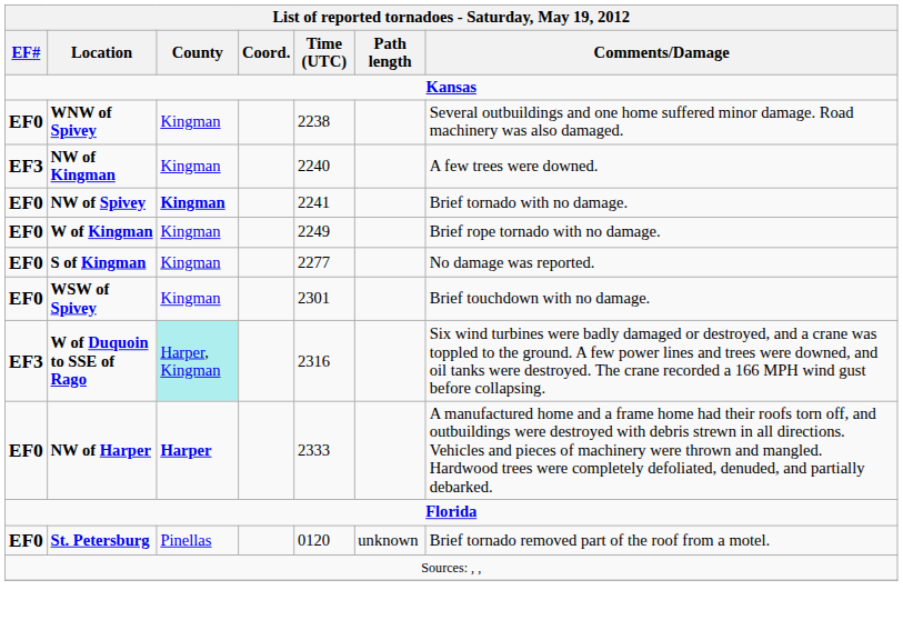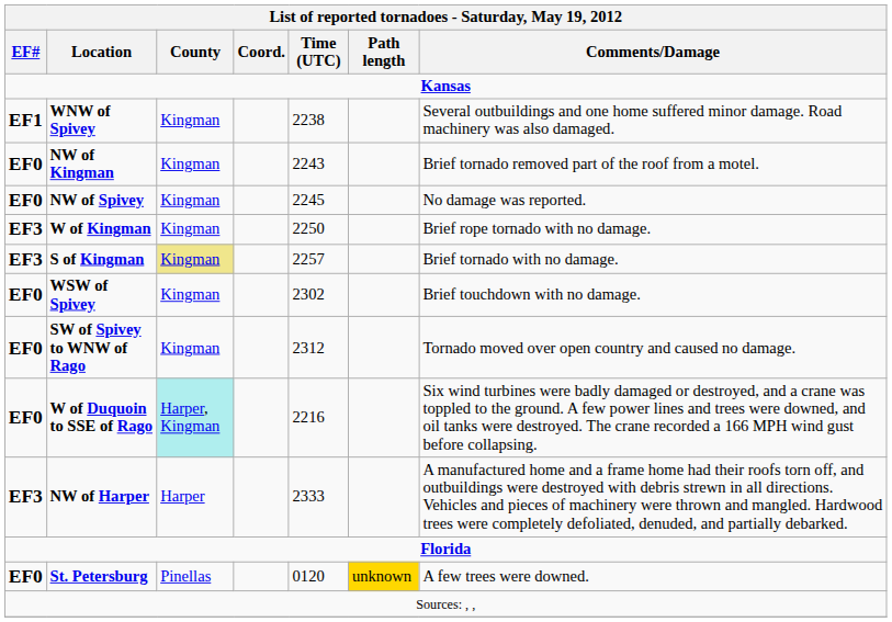 <table class="wikitable collapsible" width="100%">
 <tr>
 <th colspan="7">List of reported tornadoes - Saturday, May 19, 2012</th>
 </tr>
 <tr>
 <th><a href='#'>EF#</a></th>
 <th>Location</th>
 <th>County</th>
 <th>Coord.</th>
 <th>Time (UTC)</th>
 <th>Path length</th>
 <th>Comments/Damage</th>
 </tr>
 <tr>
 <td colspan="7" align=center><strong><a href='#'>Kansas</a></strong></td>
 </tr>
 <tr>
-<td><big><strong>EF0</strong></big></td>
+<td><big><strong>EF1</strong></big></td>
 <td><strong>WNW of <a href='#'>Spivey</a></strong></td>
 <td><a href='#'>Kingman</a></td>
 <td></td>
 <td>2238</td>
 <td></td>
 <td>Several outbuildings and one home suffered minor damage. Road machinery was also damaged.</td>
 </tr>
 <tr>
-<td><big><strong>EF3</strong></big></td>
+<td><big><strong>EF0</strong></big></td>
 <td><strong>NW of <a href='#'>Kingman</a></strong></td>
 <td><a href='#'>Kingman</a></td>
 <td></td>
-<td>2240</td>
+<td>2243</td>
 <td></td>
-<td>A few trees were downed.</td>
+<td>Brief tornado removed part of the roof from a motel.</td>
 </tr>
 <tr>
 <td><big><strong>EF0</strong></big></td>
 <td><strong>NW of <a href='#'>Spivey</a></strong></td>
-<td><strong><a href='#'>Kingman</a></strong></td>
+<td><a href='#'>Kingman</a></td>
 <td></td>
-<td>2241</td>
+<td>2245</td>
 <td></td>
-<td>Brief tornado with no damage.</td>
+<td>No damage was reported.</td>
 </tr>
 <tr>
-<td><big><strong>EF0</strong></big></td>
+<td><big><strong>EF3</strong></big></td>
 <td><strong>W of <a href='#'>Kingman</a></strong></td>
 <td><a href='#'>Kingman</a></td>
 <td></td>
-<td>2249</td>
+<td>2250</td>
 <td></td>
 <td>Brief rope tornado with no damage.</td>
 </tr>
 <tr>
-<td><big><strong>EF0</strong></big></td>
+<td><big><strong>EF3</strong></big></td>
 <td><strong>S of <a href='#'>Kingman</a></strong></td>
-<td><a href='#'>Kingman</a></td>
+<td style="background: khaki;"><a href='#'>Kingman</a></td>
 <td></td>
-<td>2277</td>
+<td>2257</td>
 <td></td>
-<td>No damage was reported.</td>
+<td>Brief tornado with no damage.</td>
 </tr>
 <tr>
 <td><big><strong>EF0</strong></big></td>
 <td><strong>WSW of <a href='#'>Spivey</a></strong></td>
 <td><a href='#'>Kingman</a></td>
 <td></td>
-<td>2301</td>
+<td>2302</td>
 <td></td>
 <td>Brief touchdown with no damage.</td>
 </tr>
 <tr>
-<td><big><strong>EF3</strong></big></td>
+<td><big><strong>EF0</strong></big></td>
+<td><strong>SW of <a href='#'>Spivey</a> to WNW of <a href='#'>Rago</a></strong></td>
+<td><a href='#'>Kingman</a></td>
+<td></td>
+<td>2312</td>
+<td></td>
+<td>Tornado moved over open country and caused no damage.</td>
+</tr>
+<tr>
+<td><big><strong>EF0</strong></big></td>
 <td><strong>W of <a href='#'>Duquoin</a> to SSE of <a href='#'>Rago</a></strong></td>
 <td style="background: paleturquoise;"><a href='#'>Harper</a>, <a href='#'>Kingman</a></td>
 <td></td>
-<td>2316</td>
+<td>2216</td>
 <td></td>
 <td>Six wind turbines were badly damaged or destroyed, and a crane was toppled to the ground. A few power lines and trees were downed, and oil tanks were destroyed. The crane recorded a 166 MPH wind gust before collapsing.</td>
 </tr>
 <tr>
-<td><big><strong>EF0</strong></big></td>
+<td><big><strong>EF3</strong></big></td>
 <td><strong>NW of <a href='#'>Harper</a></strong></td>
-<td><strong><a href='#'>Harper</a></strong></td>
+<td><a href='#'>Harper</a></td>
 <td></td>
 <td>2333</td>
 <td></td>
 <td>A manufactured home and a frame home had their roofs torn off, and outbuildings were destroyed with debris strewn in all directions. Vehicles and pieces of machinery were thrown and mangled. Hardwood trees were completely defoliated, denuded, and partially debarked.</td>
 </tr>
 <tr>
 <td colspan="7" align=center><strong><a href='#'>Florida</a></strong></td>
 </tr>
 <tr>
 <td><big><strong>EF0</strong></big></td>
 <td><strong><a href='#'>St. Petersburg</a></strong></td>
 <td><a href='#'>Pinellas</a></td>
 <td></td>
 <td>0120</td>
-<td>unknown</td>
-<td>Brief tornado removed part of the roof from a motel.</td>
+<td style="background: gold;">unknown</td>
+<td>A few trees were downed.</td>
 </tr>
 <tr>
 <td colspan="7" align=center><small>Sources: , , </small></td>
 </tr>
 <tr>
 </tr>
 </table>
